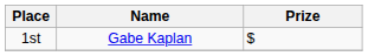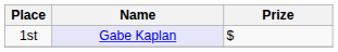 <table class="wikitable">
 <tr>
 <th width="50">Place</th>
 <th width="200">Name</th>
 <th width="125">Prize</th>
 </tr>
 <tr>
 <td align = "center">1st</td>
-<td align = "center"><a href='#'>Gabe Kaplan</a></td>
+<td align = "center" style="background: lavender;"><a href='#'>Gabe Kaplan</a></td>
 <td>$</td>
 </tr>
 <tr>
 </tr>
 </table>
